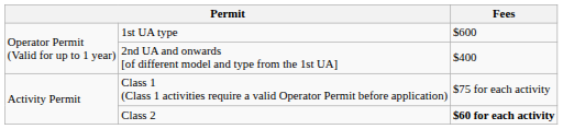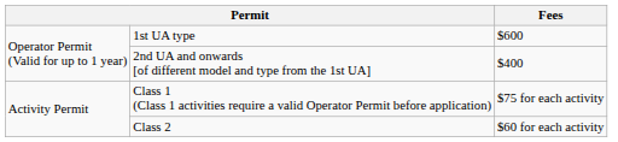 <table class="wikitable">
 <tr>
 <th colspan="2">Permit</th>
 <th>Fees</th>
 </tr>
 <tr>
 <td rowspan="2">Operator Permit<br>(Valid for up to 1 year)</td>
 <td>1st UA type</td>
 <td>$600</td>
 </tr>
 <tr>
 <td>2nd UA and onwards<br>[of different model and type from the 1st UA]</td>
 <td>$400</td>
 </tr>
 <tr>
 <td rowspan="2">Activity Permit</td>
 <td>Class 1<br>(Class 1 activities require a valid Operator Permit before application)</td>
 <td>$75 for each activity</td>
 </tr>
 <tr>
 <td>Class 2</td>
-<td><strong>$60 for each activity</strong></td>
+<td>$60 for each activity</td>
 </tr>
 </table>
